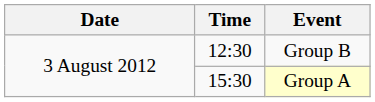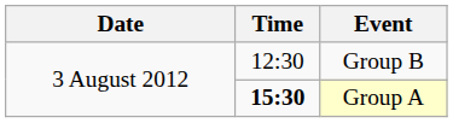 <table class = "wikitable" style="text-align:center;">
 <tr>
 <th width=150>Date</th>
 <th width=50>Time</th>
 <th width=80>Event</th>
 </tr>
 <tr>
 <td rowspan=2>3 August 2012</td>
 <td>12:30</td>
 <td>Group B</td>
 </tr>
 <tr>
-<td>15:30</td>
+<td><strong>15:30</strong></td>
 <td bgcolor=ffffcc>Group A</td>
 </tr>
 </table>
